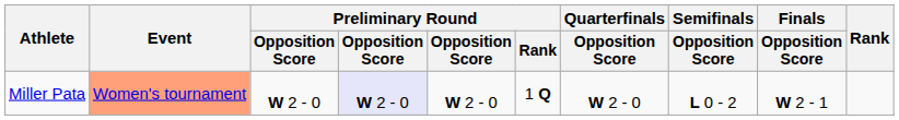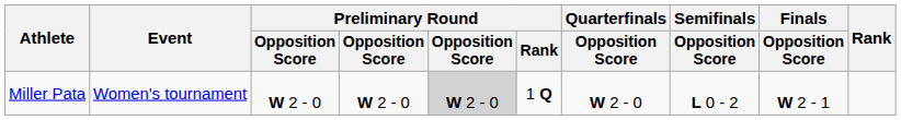 <table class=wikitable style="font-size:90%">
 <tr>
 <th rowspan="2">Athlete</th>
 <th rowspan="2">Event</th>
 <th colspan=4>Preliminary Round</th>
 <th>Quarterfinals</th>
 <th>Semifinals</th>
 <th>Finals</th>
 <th rowspan=2>Rank</th>
 </tr>
 <tr style=font-size:95%>
 <th>Opposition<br>Score</th>
 <th>Opposition<br>Score</th>
 <th>Opposition<br>Score</th>
 <th>Rank</th>
 <th>Opposition<br>Score</th>
 <th>Opposition<br>Score</th>
 <th>Opposition<br>Score</th>
 </tr>
 <tr align=center>
 <td align=left><a href='#'>Miller Pata</a><br></td>
-<td align=left style="background: lightsalmon;"><a href='#'>Women's tournament</a></td>
+<td align=left><a href='#'>Women's tournament</a></td>
 <td><br><strong>W</strong> 2 - 0</td>
-<td style="background: lavender;"><br><strong>W</strong> 2 - 0</td>
 <td><br><strong>W</strong> 2 - 0</td>
+<td style="background: lightgrey;"><br><strong>W</strong> 2 - 0</td>
 <td>1 <strong>Q</strong></td>
 <td><br><strong>W</strong> 2 - 0</td>
 <td><br><strong>L</strong> 0 - 2</td>
 <td><br><strong>W</strong> 2 - 1</td>
 <td></td>
 </tr>
 </table>
